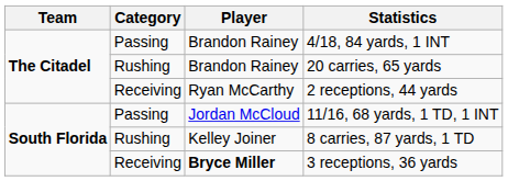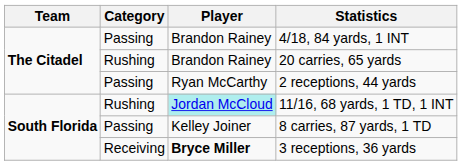 <table class="wikitable" style="float: left;">
 <tr>
 <th>Team</th>
 <th>Category</th>
 <th>Player</th>
 <th>Statistics</th>
 </tr>
 <tr>
 <td rowspan=3><strong>The Citadel</strong></td>
 <td>Passing</td>
 <td>Brandon Rainey</td>
 <td>4/18, 84 yards, 1 INT</td>
 </tr>
 <tr>
 <td>Rushing</td>
 <td>Brandon Rainey</td>
 <td>20 carries, 65 yards</td>
 </tr>
 <tr>
-<td>Receiving</td>
+<td>Passing</td>
 <td>Ryan McCarthy</td>
 <td>2 receptions, 44 yards</td>
 </tr>
 <tr>
 <td rowspan=3><strong>South Florida</strong></td>
-<td>Passing</td>
-<td><a href='#'>Jordan McCloud</a></td>
+<td>Rushing</td>
+<td style="background: paleturquoise;"><a href='#'>Jordan McCloud</a></td>
 <td>11/16, 68 yards, 1 TD, 1 INT</td>
 </tr>
 <tr>
-<td>Rushing</td>
+<td>Passing</td>
 <td>Kelley Joiner</td>
 <td>8 carries, 87 yards, 1 TD</td>
 </tr>
 <tr>
 <td>Receiving</td>
 <td><strong>Bryce Miller</strong></td>
 <td>3 receptions, 36 yards</td>
 </tr>
 </table>
